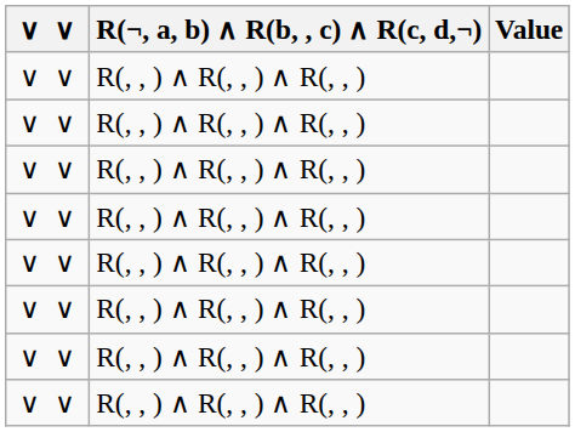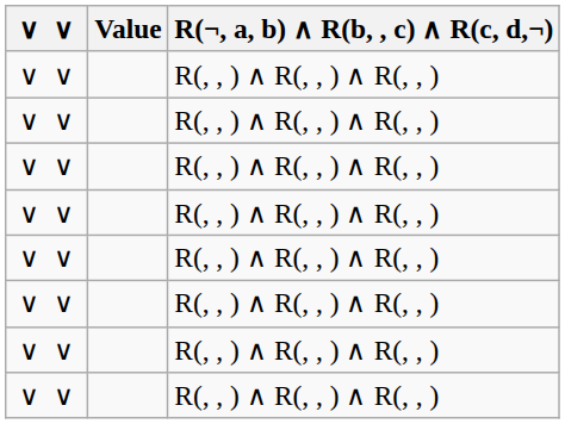 <table class="wikitable center">
 <tr>
 <th> ∨  ∨ </th>
+<th>Value</th>
 <th>R(¬, a, b) ∧ R(b, , c) ∧ R(c, d,¬)</th>
-<th>Value</th>
 </tr>
 <tr>
 <td> ∨  ∨ </td>
+<td></td>
 <td>R(, , ) ∧ R(, , ) ∧ R(, , )</td>
-<td></td>
 </tr>
 <tr>
 <td> ∨  ∨ </td>
+<td></td>
 <td>R(, , ) ∧ R(, , ) ∧ R(, , )</td>
-<td></td>
 </tr>
 <tr>
 <td> ∨  ∨ </td>
+<td></td>
 <td>R(, , ) ∧ R(, , ) ∧ R(, , )</td>
-<td></td>
 </tr>
 <tr>
 <td> ∨  ∨ </td>
+<td></td>
 <td>R(, , ) ∧ R(, , ) ∧ R(, , )</td>
-<td></td>
 </tr>
 <tr>
 <td> ∨  ∨ </td>
+<td></td>
 <td>R(, , ) ∧ R(, , ) ∧ R(, , )</td>
-<td></td>
 </tr>
 <tr>
 <td> ∨  ∨ </td>
+<td></td>
 <td>R(, , ) ∧ R(, , ) ∧ R(, , )</td>
-<td></td>
 </tr>
 <tr>
 <td> ∨  ∨ </td>
+<td></td>
 <td>R(, , ) ∧ R(, , ) ∧ R(, , )</td>
-<td></td>
 </tr>
 <tr>
 <td> ∨  ∨ </td>
+<td></td>
 <td>R(, , ) ∧ R(, , ) ∧ R(, , )</td>
-<td></td>
 </tr>
 </table>
